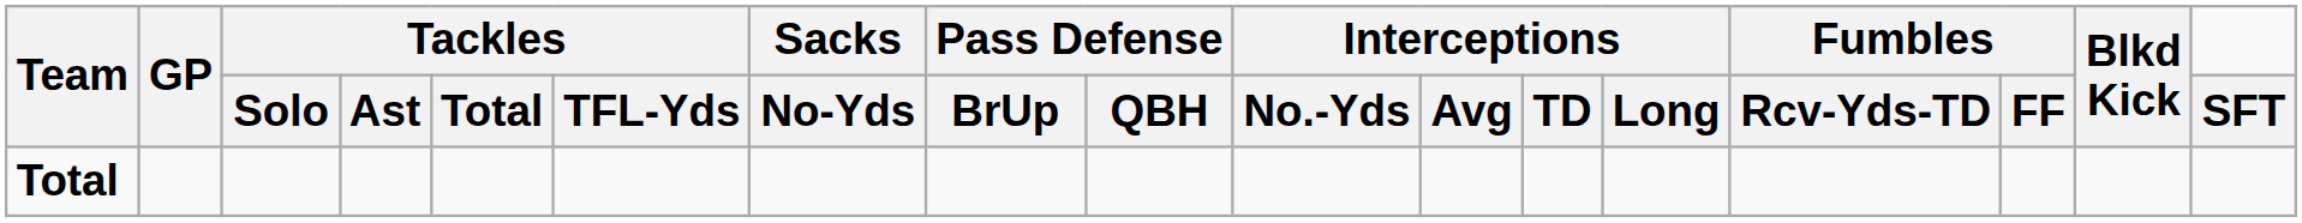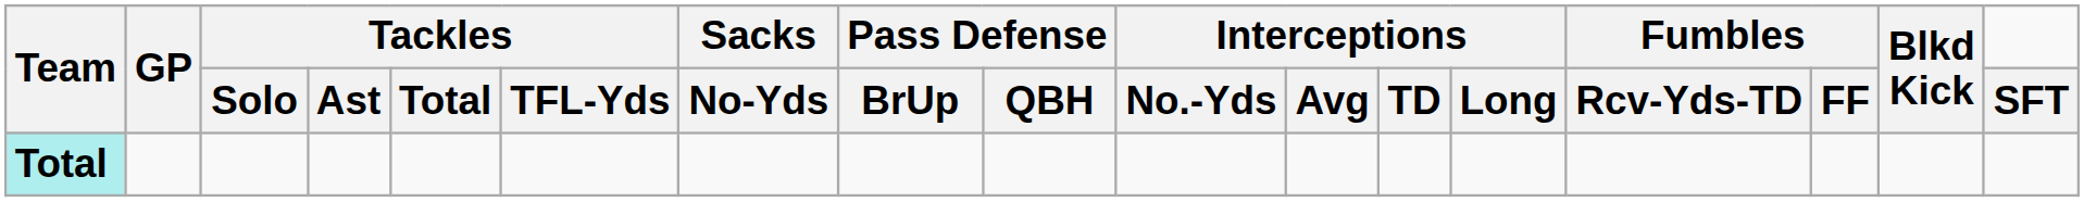 <table class="wikitable" style="white-space:nowrap;">
 <tr>
 <th rowspan="2">Team</th>
 <th rowspan="2">GP</th>
 <th colspan="4">Tackles</th>
 <th>Sacks</th>
 <th colspan="2">Pass Defense</th>
 <th colspan="4">Interceptions</th>
 <th colspan="2">Fumbles</th>
 <th rowspan="2">Blkd<br>Kick</th>
 </tr>
 <tr>
 <th>Solo</th>
 <th>Ast</th>
 <th>Total</th>
 <th>TFL-Yds</th>
 <th>No-Yds</th>
 <th>BrUp</th>
 <th>QBH</th>
 <th>No.-Yds</th>
 <th>Avg</th>
 <th>TD</th>
 <th>Long</th>
 <th>Rcv-Yds-TD</th>
 <th>FF</th>
 <th>SFT</th>
 </tr>
 <tr>
-<td><strong>Total</strong></td>
+<td style="background: paleturquoise;"><strong>Total</strong></td>
 <td></td>
 <td></td>
 <td></td>
 <td></td>
 <td></td>
 <td></td>
 <td></td>
 <td></td>
 <td></td>
 <td></td>
 <td></td>
 <td></td>
 <td></td>
 <td></td>
 <td></td>
 <td></td>
 </tr>
 </table>
